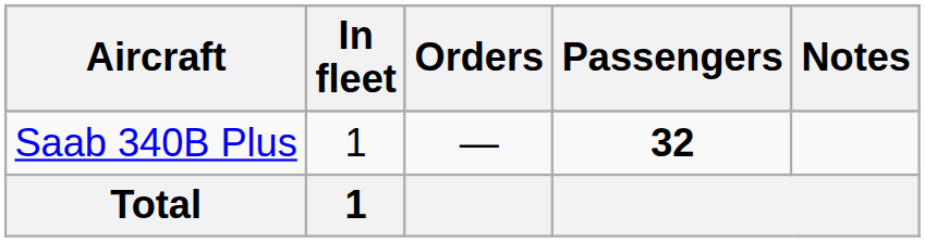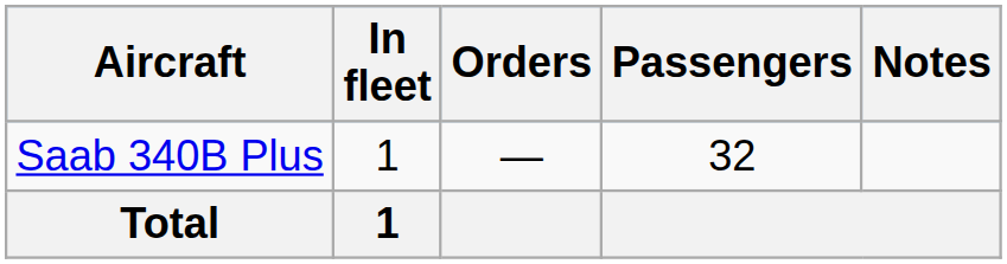 <table class="wikitable">
 <tr bgcolor=#75aadb>
 <th>Aircraft</th>
 <th>In<br>fleet</th>
 <th>Orders</th>
 <th>Passengers</th>
 <th>Notes</th>
 </tr>
 <tr>
 <td><a href='#'>Saab 340B Plus</a></td>
 <td align="center">1</td>
 <td align="center">—</td>
-<td align="center"><strong>32</strong></td>
+<td align="center">32</td>
 <td></td>
 </tr>
 <tr>
 <th>Total</th>
 <th>1</th>
 <th></th>
 <th colspan="2"></th>
 </tr>
 </table>
